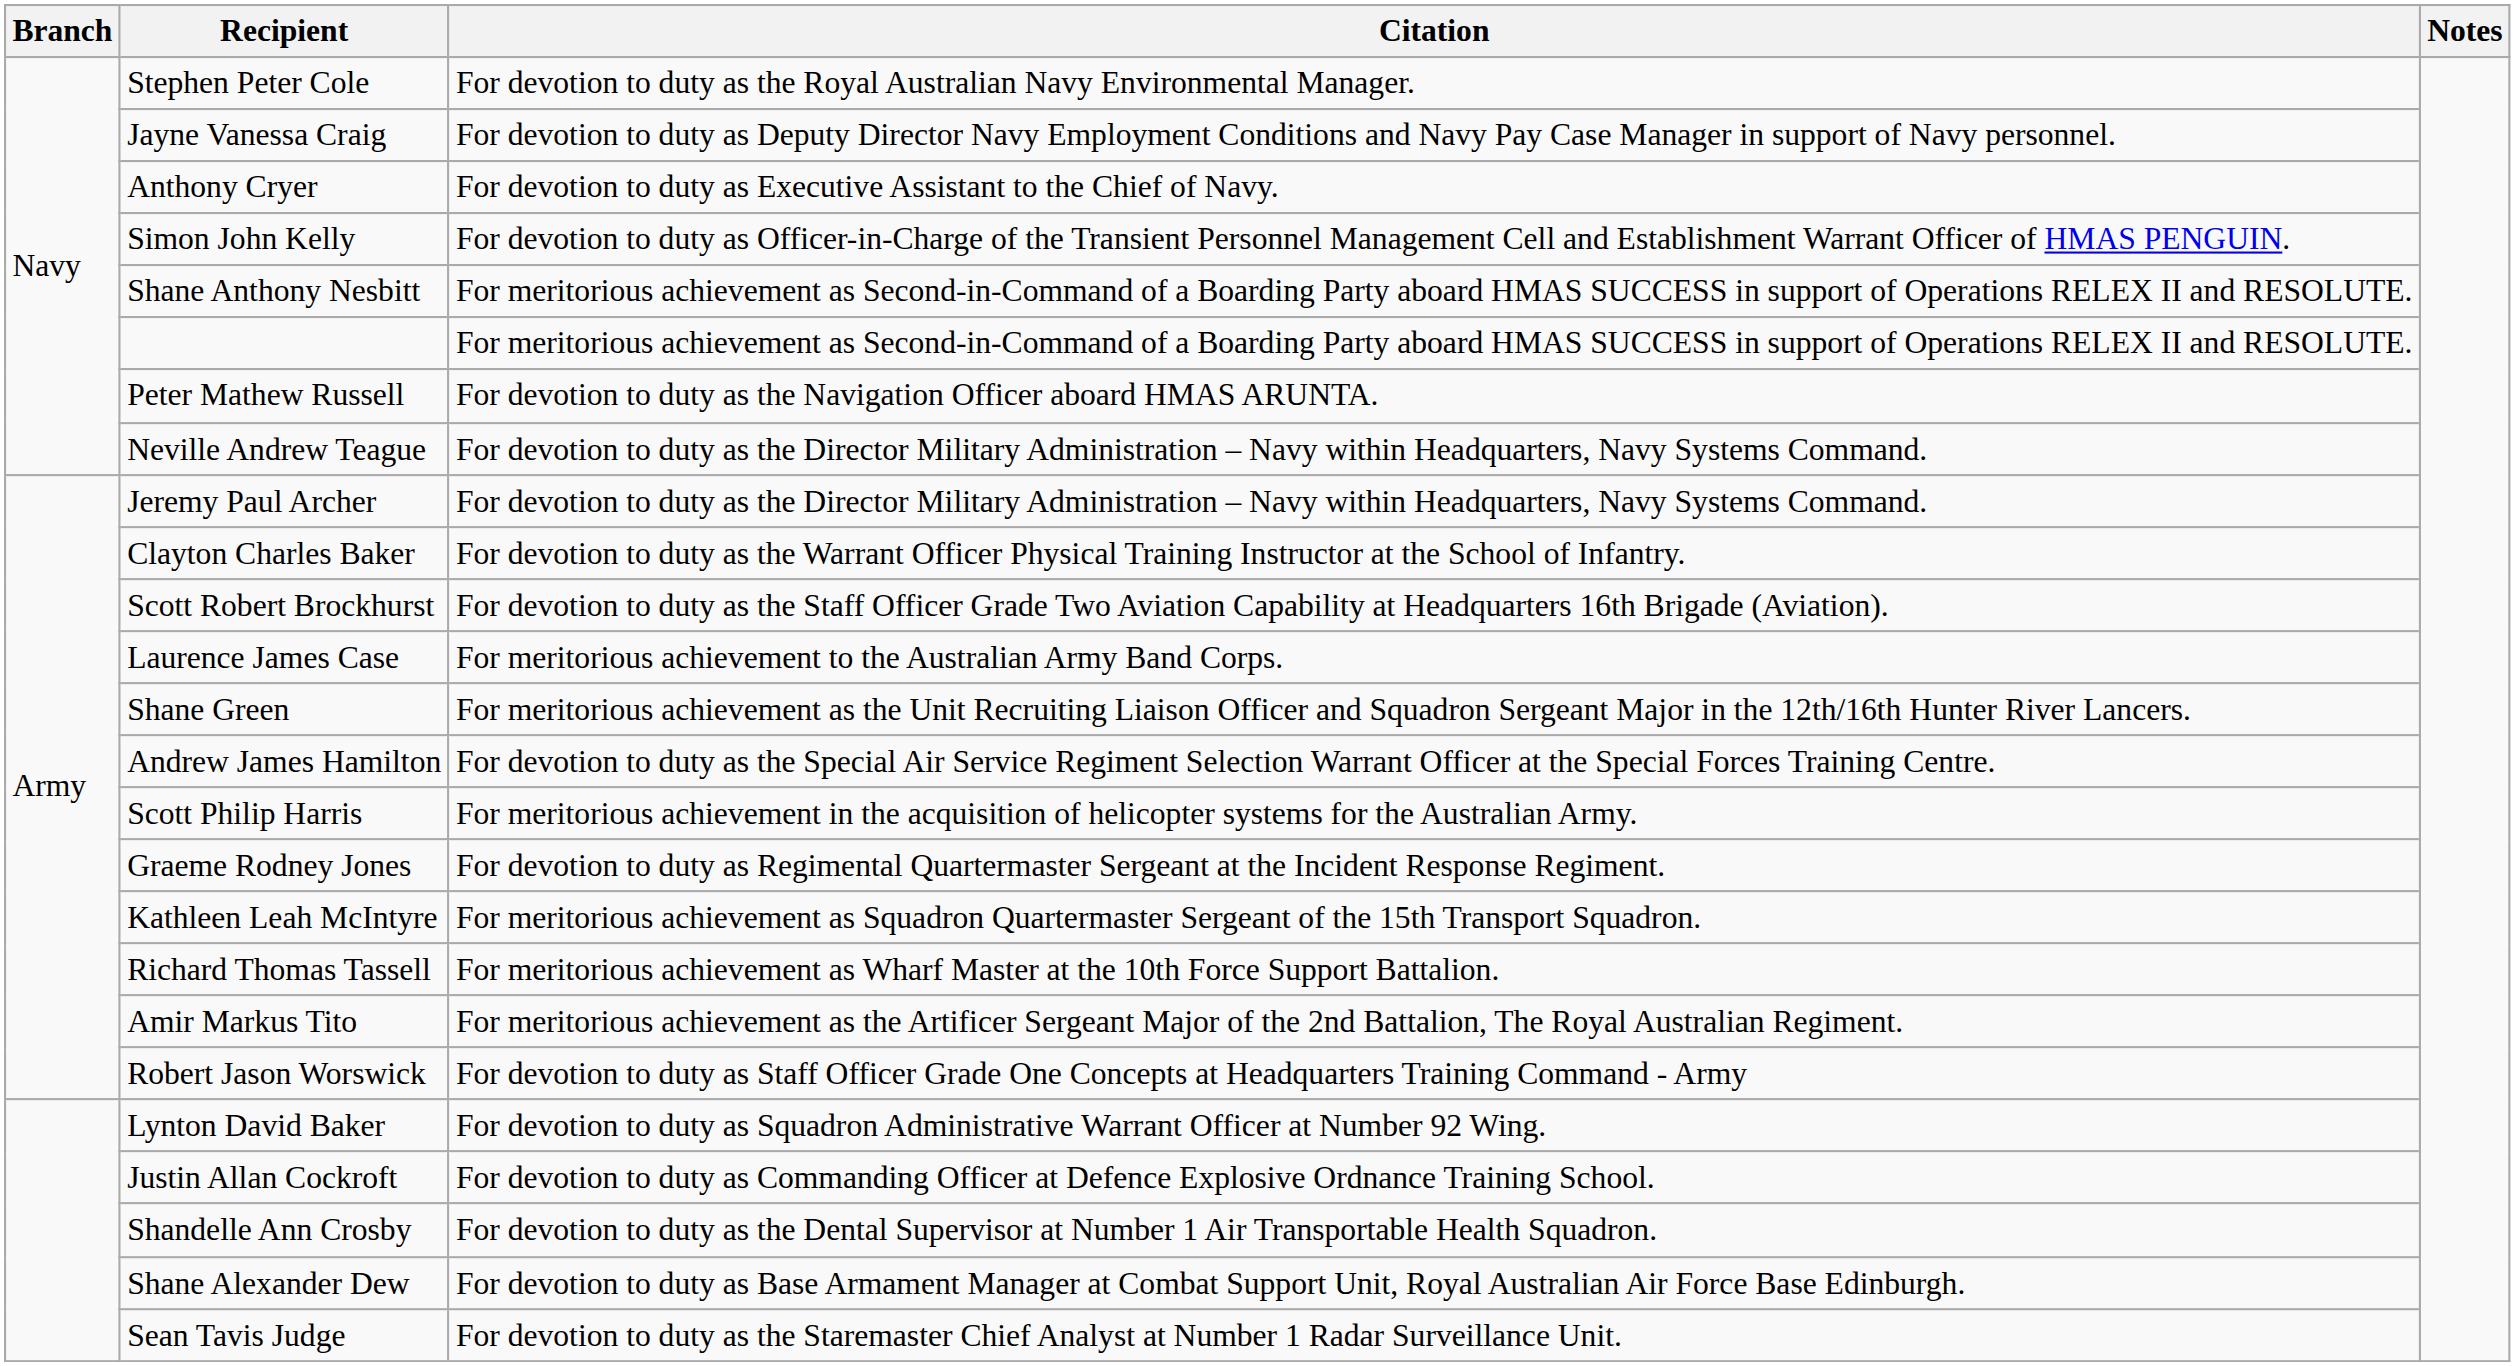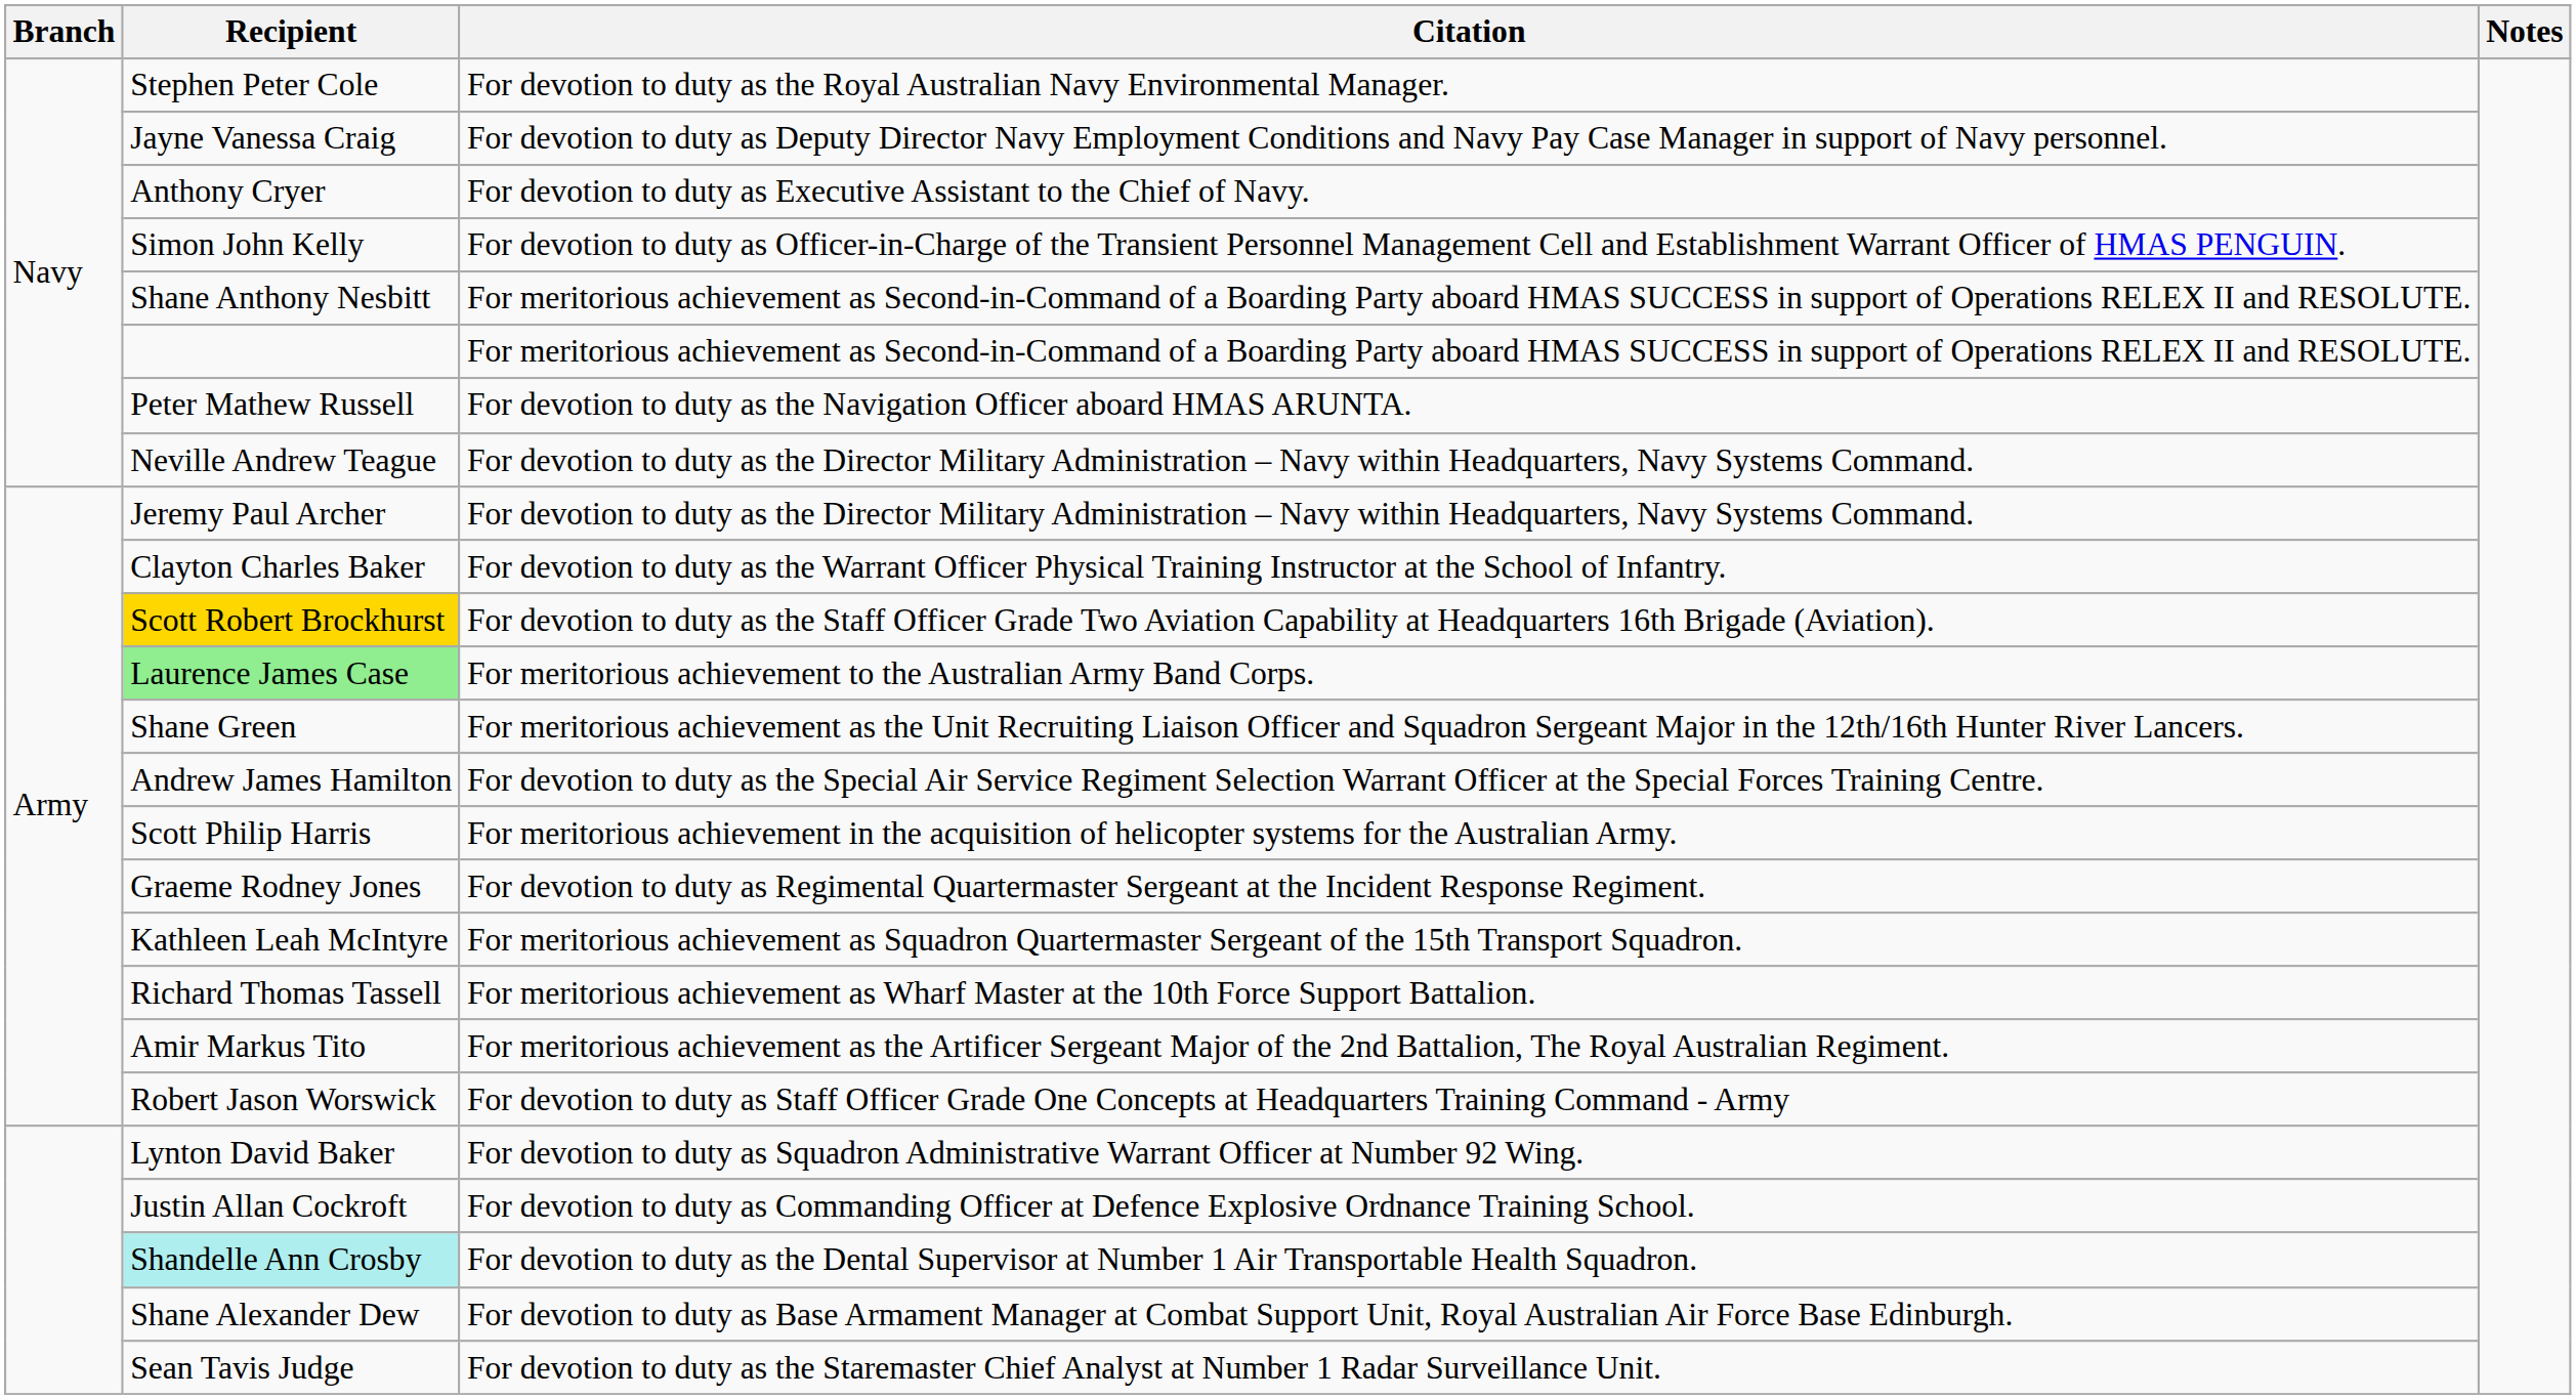 <table class="wikitable" style="font-size:95%;">
 <tr>
 <th>Branch</th>
 <th>Recipient</th>
 <th>Citation</th>
 <th>Notes</th>
 </tr>
 <tr>
 <td rowspan=8>Navy</td>
 <td> Stephen Peter Cole </td>
 <td>For devotion to duty as the Royal Australian Navy Environmental Manager.</td>
 <td rowspan=25></td>
 </tr>
 <tr>
 <td> Jayne Vanessa Craig </td>
 <td>For devotion to duty as Deputy Director Navy Employment Conditions and Navy Pay Case Manager in support of Navy personnel.</td>
 </tr>
 <tr>
 <td> Anthony Cryer</td>
 <td>For devotion to duty as Executive Assistant to the Chief of Navy.</td>
 </tr>
 <tr>
 <td> Simon John Kelly</td>
 <td>For devotion to duty as Officer-in-Charge of the Transient Personnel Management Cell and Establishment Warrant Officer of <a href='#'>HMAS PENGUIN</a>.</td>
 </tr>
 <tr>
 <td> Shane Anthony Nesbitt</td>
 <td>For meritorious achievement as Second-in-Command of a Boarding Party aboard HMAS SUCCESS in support of Operations RELEX II and RESOLUTE.</td>
 </tr>
 <tr>
 <td></td>
 <td>For meritorious achievement as Second-in-Command of a Boarding Party aboard HMAS SUCCESS in support of Operations RELEX II and RESOLUTE.</td>
 </tr>
 <tr>
 <td> Peter Mathew Russell </td>
 <td>For devotion to duty as the Navigation Officer aboard HMAS ARUNTA.</td>
 </tr>
 <tr>
 <td> Neville Andrew Teague </td>
 <td>For devotion to duty as the Director Military Administration – Navy within Headquarters, Navy Systems Command.</td>
 </tr>
 <tr>
 <td rowspan=12>Army</td>
 <td> Jeremy Paul Archer</td>
 <td>For devotion to duty as the Director Military Administration – Navy within Headquarters, Navy Systems Command.</td>
 </tr>
 <tr>
 <td> Clayton Charles Baker</td>
 <td>For devotion to duty as the Warrant Officer Physical Training Instructor at the School of Infantry.</td>
 </tr>
 <tr>
-<td> Scott Robert Brockhurst</td>
+<td style="background: gold;"> Scott Robert Brockhurst</td>
 <td>For devotion to duty as the Staff Officer Grade Two Aviation Capability at Headquarters 16th Brigade (Aviation).</td>
 </tr>
 <tr>
-<td> Laurence James Case</td>
+<td style="background: lightgreen;"> Laurence James Case</td>
 <td>For meritorious achievement to the Australian Army Band Corps.</td>
 </tr>
 <tr>
 <td> Shane Green</td>
 <td>For meritorious achievement as the Unit Recruiting Liaison Officer and Squadron Sergeant Major in the 12th/16th Hunter River Lancers.</td>
 </tr>
 <tr>
 <td> Andrew James Hamilton</td>
 <td>For devotion to duty as the Special Air Service Regiment Selection Warrant Officer at the Special Forces Training Centre.</td>
 </tr>
 <tr>
 <td> Scott Philip Harris</td>
 <td>For meritorious achievement in the acquisition of helicopter systems for the Australian Army.</td>
 </tr>
 <tr>
 <td> Graeme Rodney Jones</td>
 <td>For devotion to duty as Regimental Quartermaster Sergeant at the Incident Response Regiment.</td>
 </tr>
 <tr>
 <td> Kathleen Leah McIntyre</td>
 <td>For meritorious achievement as Squadron Quartermaster Sergeant of the 15th Transport Squadron.</td>
 </tr>
 <tr>
 <td> Richard Thomas Tassell</td>
 <td>For meritorious achievement as Wharf Master at the 10th Force Support Battalion.</td>
 </tr>
 <tr>
 <td> Amir Markus Tito</td>
 <td>For meritorious achievement as the Artificer Sergeant Major of the 2nd Battalion, The Royal Australian Regiment.</td>
 </tr>
 <tr>
 <td> Robert Jason Worswick</td>
 <td>For devotion to duty as Staff Officer Grade One Concepts at Headquarters Training Command - Army</td>
 </tr>
 <tr>
 <td rowspan=5></td>
 <td> Lynton David Baker</td>
 <td>For devotion to duty as Squadron Administrative Warrant Officer at Number 92 Wing.</td>
 </tr>
 <tr>
 <td> Justin Allan Cockroft</td>
 <td>For devotion to duty as Commanding Officer at Defence Explosive Ordnance Training School.</td>
 </tr>
 <tr>
-<td> Shandelle Ann Crosby</td>
+<td style="background: paleturquoise;"> Shandelle Ann Crosby</td>
 <td>For devotion to duty as the Dental Supervisor at Number 1 Air Transportable Health Squadron.</td>
 </tr>
 <tr>
 <td> Shane Alexander Dew</td>
 <td>For devotion to duty as Base Armament Manager at Combat Support Unit, Royal Australian Air Force Base Edinburgh.</td>
 </tr>
 <tr>
 <td> Sean Tavis Judge</td>
 <td>For devotion to duty as the Staremaster Chief Analyst at Number 1 Radar Surveillance Unit.</td>
 </tr>
 </table>
